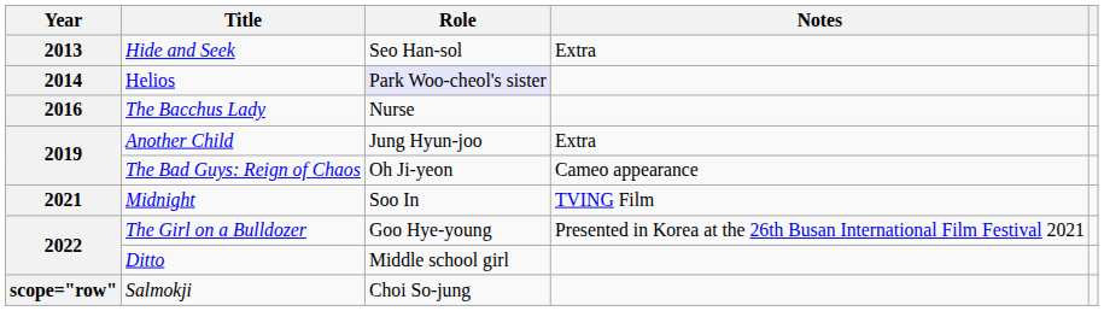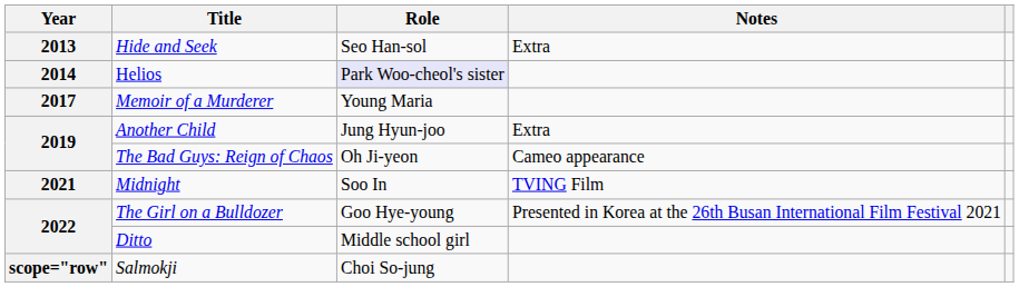 <table class="wikitable plainrowheaders sortable">
 <tr>
 <th scope="col">Year</th>
 <th scope="col">Title</th>
 <th scope="col">Role</th>
 <th scope="col">Notes</th>
 <th scope="col" class="unsortable"></th>
 </tr>
 <tr>
 <th scope="row">2013</th>
 <td><em><a href='#'>Hide and Seek</a></em></td>
 <td>Seo Han-sol</td>
 <td>Extra</td>
 <td style="text-align:center"></td>
 </tr>
 <tr>
 <th scope="row">2014</th>
 <td><a href='#'>Helios</a></td>
 <td style="background: lavender;">Park Woo-cheol's sister</td>
 <td></td>
 <td style="text-align:center"></td>
 </tr>
 <tr>
-<th scope="row">2016</th>
-<td><em><a href='#'>The Bacchus Lady</a></em></td>
-<td>Nurse</td>
+<th scope="row">2017</th>
+<td><em><a href='#'>Memoir of a Murderer</a></em></td>
+<td>Young Maria</td>
 <td></td>
 <td style="text-align:center"></td>
 </tr>
 <tr>
 <th scope="row" rowspan="2">2019</th>
 <td><em><a href='#'>Another Child</a></em></td>
 <td>Jung Hyun-joo</td>
 <td>Extra</td>
 <td style="text-align:center"></td>
 </tr>
 <tr>
 <td><em><a href='#'>The Bad Guys: Reign of Chaos</a></em></td>
 <td>Oh Ji-yeon</td>
 <td>Cameo appearance</td>
 <td style="text-align:center"></td>
 </tr>
 <tr>
 <th scope="row">2021</th>
 <td><em><a href='#'>Midnight</a></em></td>
 <td>Soo In</td>
 <td><a href='#'>TVING</a> Film</td>
 <td style="text-align:center"></td>
 </tr>
 <tr>
 <th scope="row" rowspan="2">2022</th>
 <td><em><a href='#'>The Girl on a Bulldozer</a></em></td>
 <td>Goo Hye-young</td>
 <td>Presented in Korea at the <a href='#'>26th Busan International Film Festival</a> 2021</td>
 <td style="text-align:center"></td>
 </tr>
 <tr>
 <td><em><a href='#'>Ditto</a></em></td>
 <td>Middle school girl</td>
 <td></td>
 <td style="text-align:center"></td>
 </tr>
 <tr>
 <th>scope="row" </th>
 <td><em>Salmokji</em></td>
 <td>Choi So-jung</td>
 <td></td>
 <td style="text-align:center"></td>
 </tr>
 </table>
